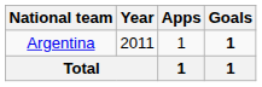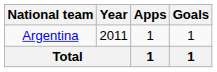 <table class="wikitable" style="text-align:center">
 <tr>
 <th>National team</th>
 <th>Year</th>
 <th>Apps</th>
 <th>Goals</th>
 </tr>
 <tr>
 <td><a href='#'>Argentina</a></td>
 <td>2011</td>
 <td>1</td>
-<td><strong>1</strong></td>
+<td>1</td>
 </tr>
 <tr>
 <th colspan="2">Total</th>
 <th>1</th>
 <th>1</th>
 </tr>
 </table>
